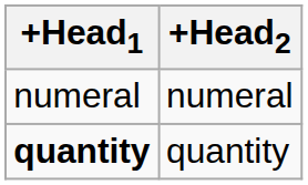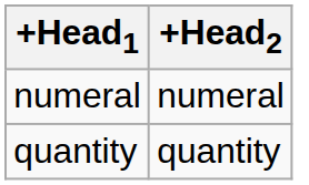 <table class="wikitable">
 <tr>
 <th>+Head<sub>1</sub></th>
 <th>+Head<sub>2</sub></th>
 </tr>
 <tr>
 <td>numeral</td>
 <td>numeral</td>
 </tr>
 <tr>
-<td><strong>quantity</strong></td>
+<td>quantity</td>
 <td>quantity</td>
 </tr>
 </table>
